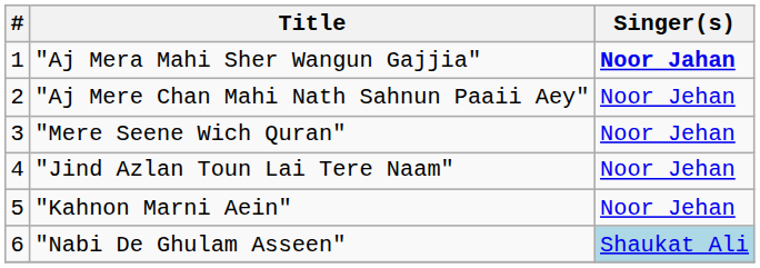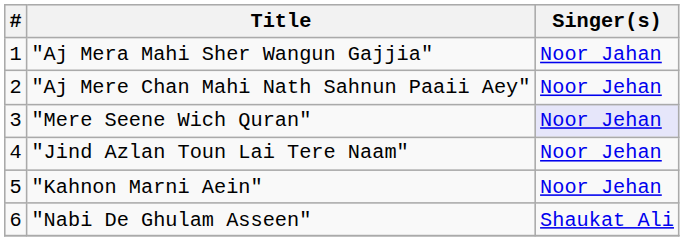 <table class="wikitable">
 <tr>
 <th>#</th>
 <th>Title</th>
 <th>Singer(s)</th>
 </tr>
 <tr>
 <td>1</td>
 <td>"Aj Mera Mahi Sher Wangun Gajjia"</td>
-<td><strong><a href='#'>Noor Jahan</a></strong></td>
+<td><a href='#'>Noor Jahan</a></td>
 </tr>
 <tr>
 <td>2</td>
 <td>"Aj Mere Chan Mahi Nath Sahnun Paaii Aey"</td>
 <td><a href='#'>Noor Jehan</a></td>
 </tr>
 <tr>
 <td>3</td>
 <td>"Mere Seene Wich Quran"</td>
-<td><a href='#'>Noor Jehan</a></td>
+<td style="background: lavender;"><a href='#'>Noor Jehan</a></td>
 </tr>
 <tr>
 <td>4</td>
 <td>"Jind Azlan Toun Lai Tere Naam"</td>
 <td><a href='#'>Noor Jehan</a></td>
 </tr>
 <tr>
 <td>5</td>
 <td>"Kahnon Marni Aein"</td>
 <td><a href='#'>Noor Jehan</a></td>
 </tr>
 <tr>
 <td>6</td>
 <td>"Nabi De Ghulam Asseen"</td>
-<td style="background: lightblue;"><a href='#'>Shaukat Ali</a></td>
+<td><a href='#'>Shaukat Ali</a></td>
 </tr>
 <tr>
 </tr>
 </table>
